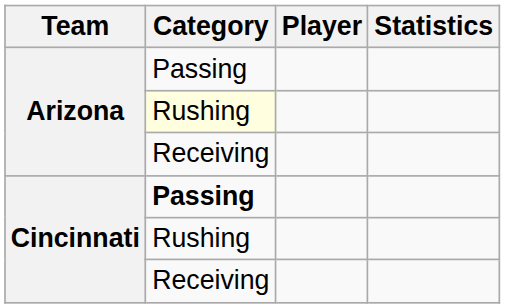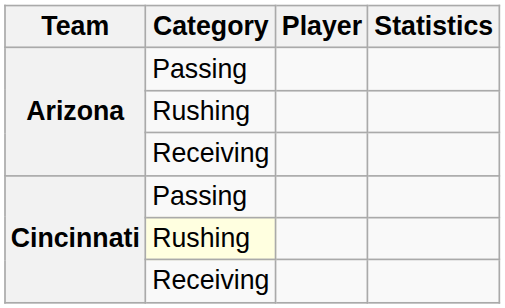 <table class="wikitable" style="float:right">
 <tr>
 <th>Team</th>
 <th>Category</th>
 <th>Player</th>
 <th>Statistics</th>
 </tr>
 <tr>
 <th rowspan=3>Arizona</th>
 <td>Passing</td>
 <td></td>
 <td></td>
 </tr>
 <tr>
-<td style="background: lightyellow;">Rushing</td>
+<td>Rushing</td>
 <td></td>
 <td></td>
 </tr>
 <tr>
 <td>Receiving</td>
 <td></td>
 <td></td>
 </tr>
 <tr>
 <th rowspan=3>Cincinnati</th>
-<td><strong>Passing</strong></td>
+<td>Passing</td>
 <td></td>
 <td></td>
 </tr>
 <tr>
-<td>Rushing</td>
+<td style="background: lightyellow;">Rushing</td>
 <td></td>
 <td></td>
 </tr>
 <tr>
 <td>Receiving</td>
 <td></td>
 <td></td>
 </tr>
 </table>
